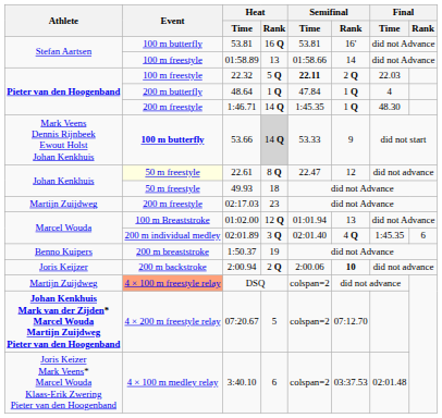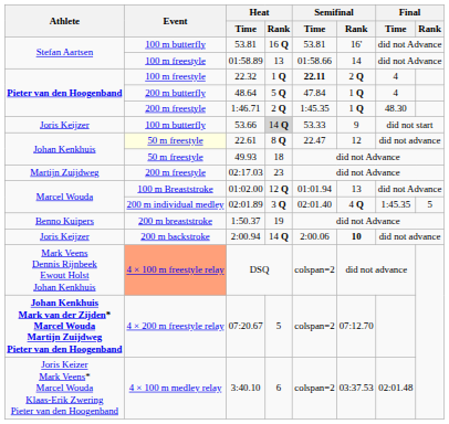 <table class=wikitable style="font-size:90%">
 <tr>
 <th rowspan=2>Athlete</th>
 <th rowspan=2>Event</th>
 <th colspan=2>Heat</th>
 <th colspan=2>Semifinal</th>
 <th colspan=2>Final</th>
 </tr>
 <tr>
 <th>Time</th>
 <th>Rank</th>
 <th>Time</th>
 <th>Rank</th>
 <th>Time</th>
 <th>Rank</th>
 </tr>
 <tr align=center>
 <td rowspan=2><a href='#'>Stefan Aartsen</a></td>
 <td><a href='#'>100 m butterfly</a></td>
 <td>53.81</td>
 <td>16 <strong>Q</strong></td>
 <td>53.81</td>
 <td>16'</td>
 <td colspan=2>did not Advance</td>
 </tr>
 <tr align=center>
 <td><a href='#'>100 m freestyle</a></td>
 <td>01:58.89</td>
 <td>13</td>
 <td>01:58.66</td>
 <td>14</td>
 <td colspan=2>did not Advance</td>
 </tr>
 <tr align=center>
 <td rowspan=3><strong><a href='#'>Pieter van den Hoogenband</a></strong></td>
 <td><a href='#'>100 m freestyle</a></td>
 <td>22.32</td>
-<td>5 <strong>Q</strong></td>
+<td>1 <strong>Q</strong></td>
 <td><strong>22.11</strong></td>
 <td>2 <strong>Q</strong></td>
-<td>22.03</td>
+<td>4</td>
 <td></td>
 </tr>
 <tr align=center>
 <td><a href='#'>200 m butterfly</a></td>
 <td>48.64</td>
-<td>1 <strong>Q</strong></td>
+<td>5 <strong>Q</strong></td>
 <td>47.84</td>
 <td>1 <strong>Q</strong></td>
 <td>4</td>
 <td></td>
 </tr>
 <tr align=center>
 <td><a href='#'>200 m freestyle</a></td>
 <td>1:46.71</td>
-<td>14 <strong>Q</strong></td>
+<td>2 <strong>Q</strong></td>
 <td>1:45.35</td>
 <td>1 <strong>Q</strong></td>
 <td>48.30</td>
 <td></td>
 </tr>
 <tr align=center>
-<td><a href='#'>Mark Veens</a><br><a href='#'>Dennis Rijnbeek</a><br><a href='#'>Ewout Holst</a><br><a href='#'>Johan Kenkhuis</a></td>
-<td><strong><a href='#'>100 m butterfly</a></strong></td>
+<td><a href='#'>Joris Keijzer</a></td>
+<td><a href='#'>100 m butterfly</a></td>
 <td>53.66</td>
 <td style="background: lightgrey;">14 <strong>Q</strong></td>
 <td>53.33</td>
 <td>9</td>
 <td colspan=2>did not start</td>
 </tr>
 <tr align=center>
 <td rowspan=2><a href='#'>Johan Kenkhuis</a></td>
 <td style="background: lightyellow;"><a href='#'>50 m freestyle</a></td>
 <td>22.61</td>
 <td>8 <strong>Q</strong></td>
 <td>22.47</td>
 <td>12</td>
 <td colspan=2>did not advance</td>
 </tr>
 <tr align=center>
 <td><a href='#'>50 m freestyle</a></td>
 <td>49.93</td>
 <td>18</td>
 <td colspan=4>did not Advance</td>
 </tr>
 <tr align=center>
 <td><a href='#'>Martijn Zuijdweg</a></td>
 <td><a href='#'>200 m freestyle</a></td>
 <td>02:17.03</td>
 <td>23</td>
 <td colspan=4>did not Advance</td>
 </tr>
 <tr align=center>
 <td rowspan=2><a href='#'>Marcel Wouda</a></td>
 <td><a href='#'>100 m Breaststroke</a></td>
 <td>01:02.00</td>
 <td>12 <strong>Q</strong></td>
 <td>01:01.94</td>
 <td>13</td>
 <td colspan=2>did not Advance</td>
 </tr>
 <tr align=center>
 <td><a href='#'>200 m individual medley</a></td>
 <td>02:01.89</td>
 <td>3 <strong>Q</strong></td>
 <td>02:01.40</td>
 <td>4 <strong>Q</strong></td>
 <td>1:45.35</td>
-<td>6</td>
+<td>5</td>
 </tr>
 <tr align=center>
 <td><a href='#'>Benno Kuipers</a></td>
 <td><a href='#'>200 m breaststroke</a></td>
 <td>1:50.37</td>
 <td>19</td>
 <td colspan=4>did not Advance</td>
 </tr>
 <tr align=center>
 <td><a href='#'>Joris Keijzer</a></td>
 <td><a href='#'>200 m backstroke</a></td>
 <td>2:00.94</td>
-<td>2 <strong>Q</strong></td>
+<td>14 <strong>Q</strong></td>
 <td>2:00.06</td>
 <td><strong>10</strong></td>
 <td colspan=2>did not advance</td>
 </tr>
 <tr align=center>
-<td><a href='#'>Martijn Zuijdweg</a></td>
+<td><a href='#'>Mark Veens</a><br><a href='#'>Dennis Rijnbeek</a><br><a href='#'>Ewout Holst</a><br><a href='#'>Johan Kenkhuis</a></td>
 <td style="background: lightsalmon;"><a href='#'>4 × 100 m freestyle relay</a></td>
 <td colspan=2>DSQ</td>
 <td>colspan=2 </td>
 <td colspan=2>did not advance</td>
 </tr>
 <tr align=center>
 <td><strong><a href='#'>Johan Kenkhuis</a><br><a href='#'>Mark van der Zijden</a>*<br><a href='#'>Marcel Wouda</a><br><a href='#'>Martijn Zuijdweg</a><br><a href='#'>Pieter van den Hoogenband</a></strong></td>
 <td><a href='#'>4 × 200 m freestyle relay</a></td>
 <td>07:20.67</td>
 <td>5</td>
 <td>colspan=2 </td>
 <td>07:12.70</td>
 <td></td>
 </tr>
 <tr align=center>
 <td><a href='#'>Joris Keizer</a><br><a href='#'>Mark Veens</a>*<br><a href='#'>Marcel Wouda</a><br><a href='#'>Klaas-Erik Zwering</a><br><a href='#'>Pieter van den Hoogenband</a></td>
 <td><a href='#'>4 × 100 m medley relay</a></td>
 <td>3:40.10</td>
 <td>6</td>
 <td>colspan=2 </td>
 <td>03:37.53</td>
 <td>02:01.48</td>
 </tr>
 </table>
